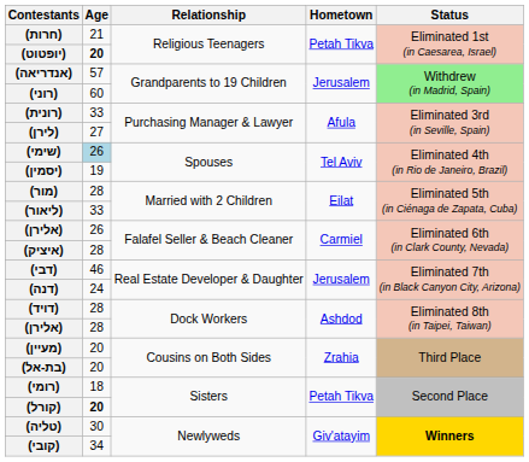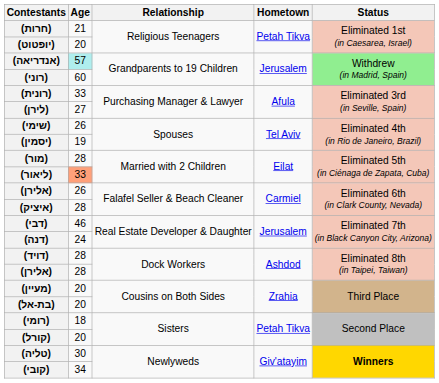 <table class="wikitable sortable" style="text-align:center;">
 <tr>
 <th scope="col">Contestants</th>
 <th scope="col">Age</th>
 <th class="unsortable" scope="col">Relationship</th>
 <th scope="col" class="unsortable">Hometown</th>
 <th scope="col">Status</th>
 </tr>
 <tr>
 <th scope="row"> (חרות)</th>
 <td>21</td>
 <td rowspan="2">Religious Teenagers</td>
 <td rowspan="2"><a href='#'>Petah Tikva</a></td>
 <td rowspan="2" bgcolor="f4c7b8">Eliminated 1st<br><small><em>(in Caesarea, Israel)</em></small></td>
 </tr>
 <tr>
 <th scope="row"> (יופטוט)</th>
-<td><strong>20</strong></td>
+<td>20</td>
 </tr>
 <tr>
 <th scope="row"> (אנדריאה)</th>
-<td>57</td>
+<td style="background: paleturquoise;">57</td>
 <td rowspan="2">Grandparents to 19 Children</td>
 <td rowspan="2"><a href='#'>Jerusalem</a></td>
 <td rowspan="2" bgcolor="lightgreen">Withdrew<br><small><em>(in Madrid, Spain)</em></small></td>
 </tr>
 <tr>
 <th scope="row"> (רוני)</th>
 <td>60</td>
 </tr>
 <tr>
 <th scope="row"> (רונית)</th>
 <td>33</td>
 <td rowspan="2">Purchasing Manager & Lawyer</td>
 <td rowspan="2"><a href='#'>Afula</a></td>
 <td rowspan="2" bgcolor="f4c7b8">Eliminated 3rd<br><small><em>(in Seville, Spain)</em></small></td>
 </tr>
 <tr>
 <th scope="row"> (לירן)</th>
 <td>27</td>
 </tr>
 <tr>
 <th scope="row"> (שימי)</th>
-<td style="background: lightblue;">26</td>
+<td>26</td>
 <td rowspan="2">Spouses</td>
 <td rowspan="2"><a href='#'>Tel Aviv</a></td>
 <td rowspan="2" bgcolor="f4c7b8">Eliminated 4th<br><small><em>(in Rio de Janeiro, Brazil)</em></small></td>
 </tr>
 <tr>
 <th scope="row"> (יסמין)</th>
 <td>19</td>
 </tr>
 <tr>
 <th scope="row"> (מור)</th>
 <td>28</td>
 <td rowspan="2">Married with 2 Children</td>
 <td rowspan="2"><a href='#'>Eilat</a></td>
 <td rowspan="2" bgcolor="f4c7b8">Eliminated 5th<br><small><em>(in Ciénaga de Zapata, Cuba)</em></small></td>
 </tr>
 <tr>
 <th scope="row"> (ליאור)</th>
-<td>33</td>
+<td style="background: lightsalmon;">33</td>
 </tr>
 <tr>
 <th scope="row"> (אלירן)</th>
 <td>26</td>
 <td rowspan="2">Falafel Seller & Beach Cleaner</td>
 <td rowspan="2"><a href='#'>Carmiel</a></td>
 <td rowspan="2" bgcolor="f4c7b8">Eliminated 6th<br><small><em>(in Clark County, Nevada)</em></small></td>
 </tr>
 <tr>
 <th scope="row"> (איציק)</th>
 <td>28</td>
 </tr>
 <tr>
 <th scope="row"> (דבי)</th>
 <td>46</td>
 <td rowspan="2">Real Estate Developer & Daughter</td>
 <td rowspan="2"><a href='#'>Jerusalem</a></td>
 <td rowspan="2" bgcolor="f4c7b8">Eliminated 7th<br><small><em>(in Black Canyon City, Arizona)</em></small></td>
 </tr>
 <tr>
 <th scope="row"> (דנה)</th>
 <td>24</td>
 </tr>
 <tr>
 <th scope="row"> (דויד)</th>
 <td>28</td>
 <td rowspan="2">Dock Workers</td>
 <td rowspan="2"><a href='#'>Ashdod</a></td>
 <td rowspan="2" bgcolor="f4c7b8">Eliminated 8th<br><small><em>(in Taipei, Taiwan)</em></small></td>
 </tr>
 <tr>
 <th scope="row"> (אלירן)</th>
 <td>28</td>
 </tr>
 <tr>
 <th scope="row"> (מעיין)</th>
 <td>20</td>
 <td rowspan="2">Cousins on Both Sides</td>
 <td rowspan="2"><a href='#'>Zrahia</a></td>
 <td rowspan="2" bgcolor="tan">Third Place</td>
 </tr>
 <tr>
 <th scope="row"> (בת-אל)</th>
 <td>20</td>
 </tr>
 <tr>
 <th scope="row"> (רומי)</th>
 <td>18</td>
 <td rowspan="2">Sisters</td>
 <td rowspan="2"><a href='#'>Petah Tikva</a></td>
 <td rowspan="2" bgcolor="silver">Second Place</td>
 </tr>
 <tr>
 <th scope="row"> (קורל)</th>
-<td><strong>20</strong></td>
+<td>20</td>
 </tr>
 <tr>
 <th scope="row"> (טליה)</th>
 <td>30</td>
 <td rowspan="2">Newlyweds</td>
 <td rowspan="2"><a href='#'>Giv'atayim</a></td>
 <td rowspan="2" bgcolor="gold"><strong>Winners</strong></td>
 </tr>
 <tr>
 <th scope="row"> (קובי)</th>
 <td>34</td>
 </tr>
 </table>
